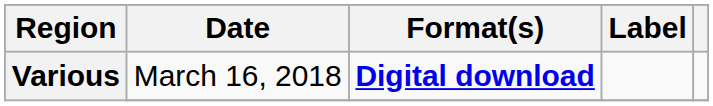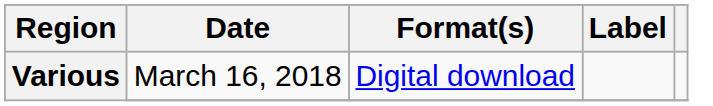 <table class="wikitable plainrowheaders">
 <tr>
 <th scope="col">Region</th>
 <th scope="col">Date</th>
 <th scope="col">Format(s)</th>
 <th scope="col">Label</th>
 <th scope="col"></th>
 </tr>
 <tr>
 <th scope="row" rowspan="2">Various</th>
 <td>March 16, 2018</td>
-<td><strong><a href='#'>Digital download</a></strong></td>
+<td><a href='#'>Digital download</a></td>
 <td></td>
 <td></td>
 </tr>
 <tr>
 </tr>
 </table>
